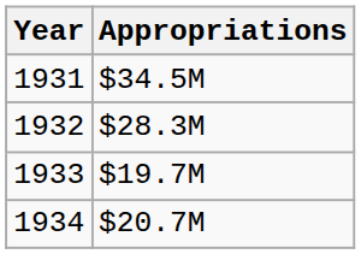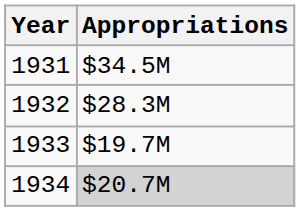 <table class="wikitable" align="right">
 <tr>
 <th>Year</th>
 <th>Appropriations</th>
 </tr>
 <tr>
 <td>1931</td>
 <td>$34.5M</td>
 </tr>
 <tr>
 <td>1932</td>
 <td>$28.3M</td>
 </tr>
 <tr>
 <td>1933</td>
 <td>$19.7M</td>
 </tr>
 <tr>
 <td>1934</td>
-<td>$20.7M</td>
+<td style="background: lightgrey;">$20.7M</td>
 </tr>
 </table>
